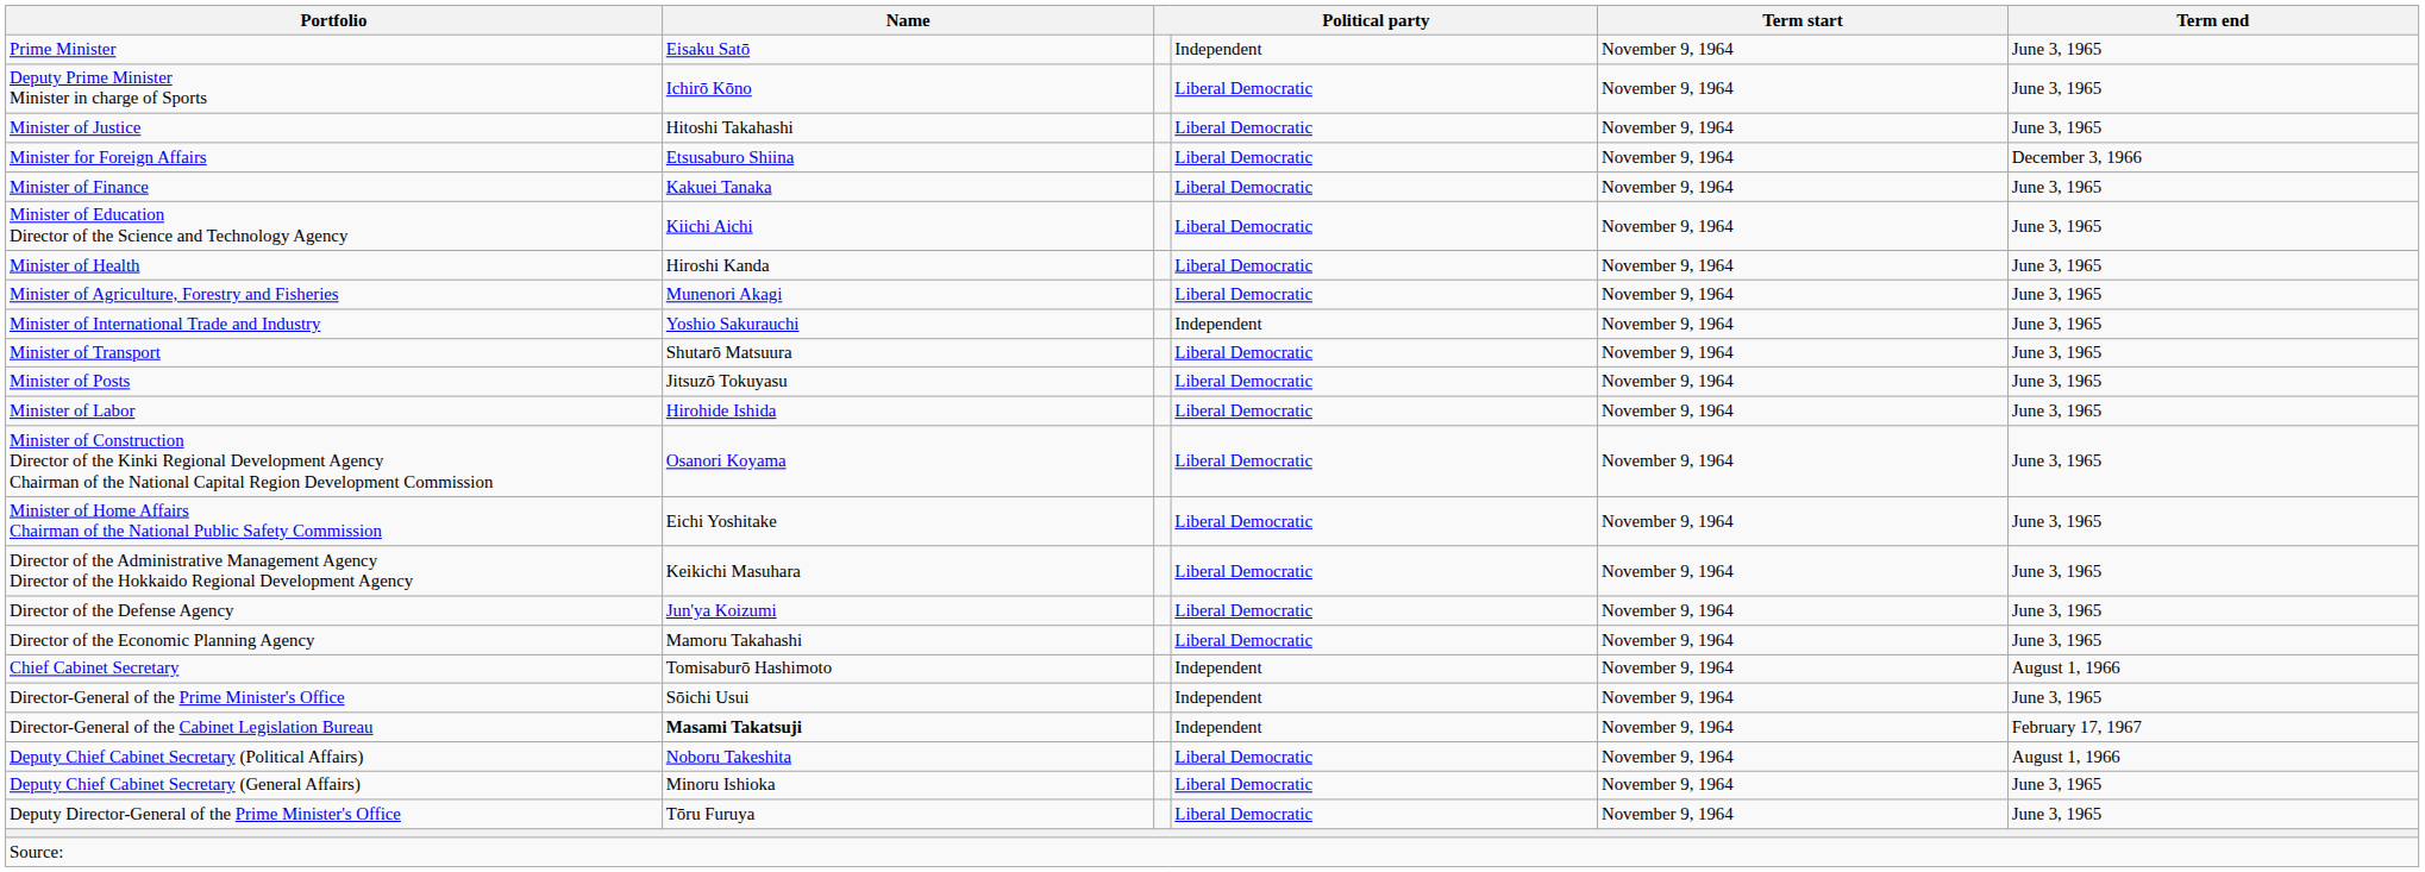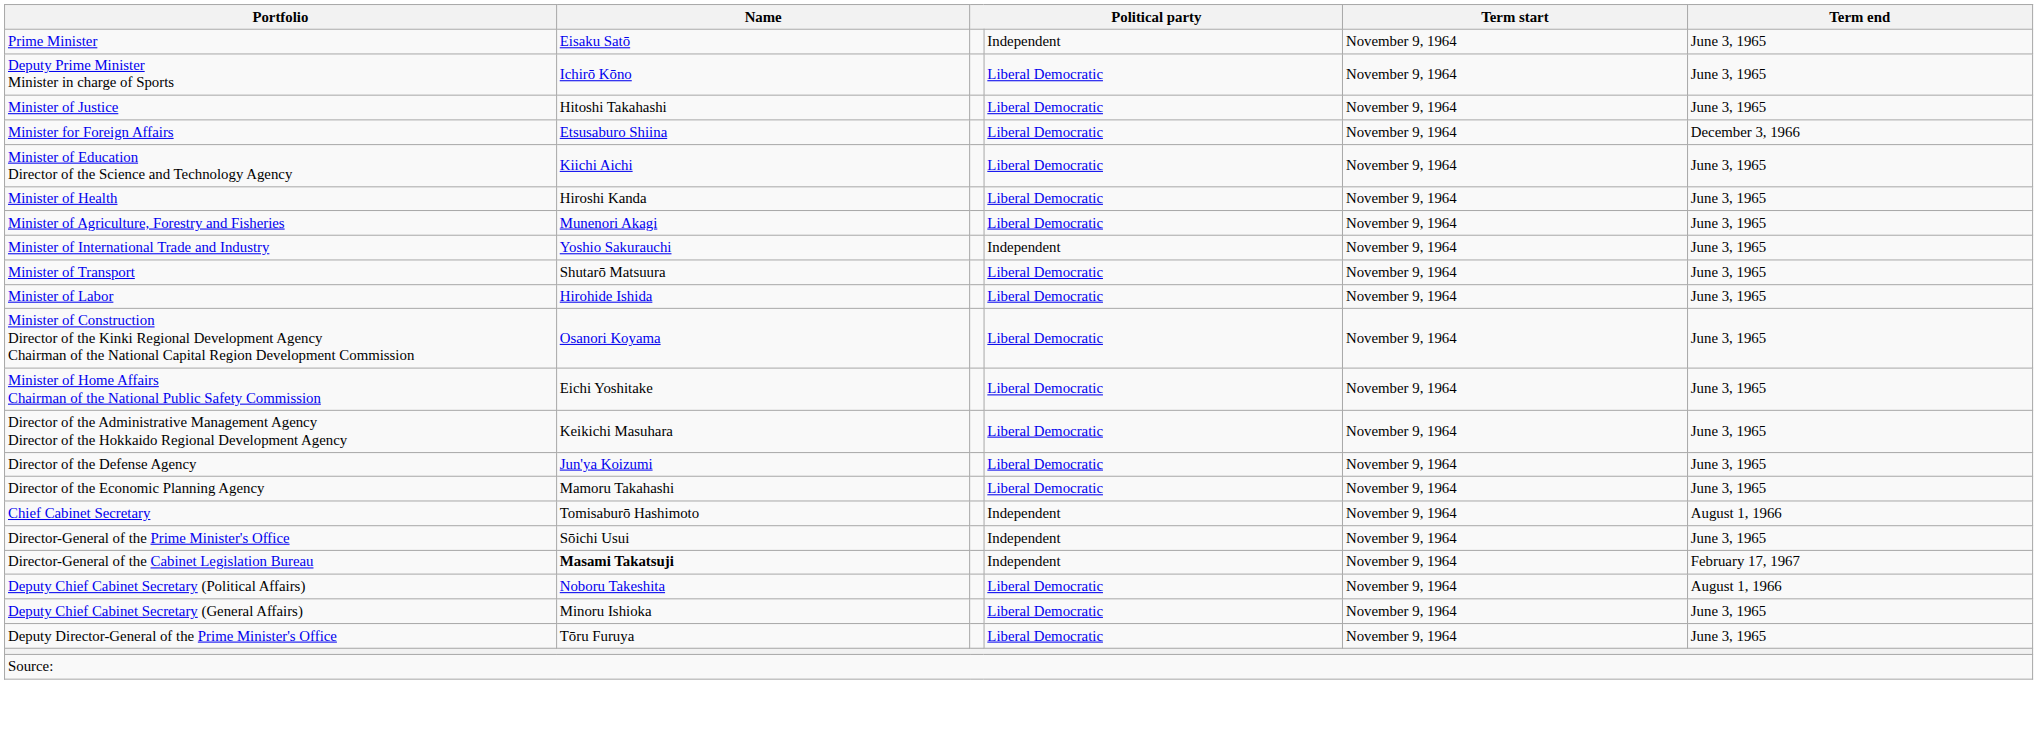 <table class="wikitable" style="font-size: 90%;">
 <tr>
 <th width="20%" scope="col">Portfolio</th>
 <th width="15%" scope="col">Name</th>
 <th colspan="2" width="13.5%" scope="col">Political party</th>
 <th width="12.5%" scope="col">Term start</th>
 <th width="12.5%" scope="col">Term end</th>
 </tr>
 <tr>
 <td style="text-align: left;"><a href='#'>Prime Minister</a></td>
 <td><a href='#'>Eisaku Satō</a></td>
 <td width="0.5%" style="background:"></td>
 <td>Independent</td>
 <td>November 9, 1964</td>
 <td>June 3, 1965</td>
 </tr>
 <tr>
 <td><a href='#'>Deputy Prime Minister</a><br>Minister in charge of Sports</td>
 <td><a href='#'>Ichirō Kōno</a></td>
 <td style="color:inherit;background:"></td>
 <td><a href='#'>Liberal Democratic</a></td>
 <td>November 9, 1964</td>
 <td>June 3, 1965</td>
 </tr>
 <tr>
 <td><a href='#'>Minister of Justice</a></td>
 <td>Hitoshi Takahashi</td>
 <td style="color:inherit;background:"></td>
 <td><a href='#'>Liberal Democratic</a></td>
 <td>November 9, 1964</td>
 <td>June 3, 1965</td>
 </tr>
 <tr>
 <td><a href='#'>Minister for Foreign Affairs</a></td>
 <td><a href='#'>Etsusaburo Shiina</a></td>
 <td style="color:inherit;background:"></td>
 <td><a href='#'>Liberal Democratic</a></td>
 <td>November 9, 1964</td>
 <td>December 3, 1966</td>
 </tr>
 <tr>
-<td><a href='#'>Minister of Finance</a></td>
-<td><a href='#'>Kakuei Tanaka</a></td>
-<td style="color:inherit;background:"></td>
-<td><a href='#'>Liberal Democratic</a></td>
-<td>November 9, 1964</td>
-<td>June 3, 1965</td>
-</tr>
-<tr>
 <td><a href='#'>Minister of Education</a><br>Director of the Science and Technology Agency</td>
 <td><a href='#'>Kiichi Aichi</a></td>
 <td style="color:inherit;background:"></td>
 <td><a href='#'>Liberal Democratic</a></td>
 <td>November 9, 1964</td>
 <td>June 3, 1965</td>
 </tr>
 <tr>
 <td><a href='#'>Minister of Health</a></td>
 <td>Hiroshi Kanda</td>
 <td style="color:inherit;background:"></td>
 <td><a href='#'>Liberal Democratic</a></td>
 <td>November 9, 1964</td>
 <td>June 3, 1965</td>
 </tr>
 <tr>
 <td><a href='#'>Minister of Agriculture, Forestry and Fisheries</a></td>
 <td><a href='#'>Munenori Akagi</a></td>
 <td style="color:inherit;background:"></td>
 <td><a href='#'>Liberal Democratic</a></td>
 <td>November 9, 1964</td>
 <td>June 3, 1965</td>
 </tr>
 <tr>
 <td><a href='#'>Minister of International Trade and Industry</a></td>
 <td><a href='#'>Yoshio Sakurauchi</a></td>
 <td style="color:inherit;background:"></td>
 <td>Independent</td>
 <td>November 9, 1964</td>
 <td>June 3, 1965</td>
 </tr>
 <tr>
 <td><a href='#'>Minister of Transport</a></td>
 <td>Shutarō Matsuura</td>
-<td style="color:inherit;background:"></td>
-<td><a href='#'>Liberal Democratic</a></td>
-<td>November 9, 1964</td>
-<td>June 3, 1965</td>
-</tr>
-<tr>
-<td><a href='#'>Minister of Posts</a></td>
-<td>Jitsuzō Tokuyasu</td>
 <td style="color:inherit;background:"></td>
 <td><a href='#'>Liberal Democratic</a></td>
 <td>November 9, 1964</td>
 <td>June 3, 1965</td>
 </tr>
 <tr>
 <td><a href='#'>Minister of Labor</a></td>
 <td><a href='#'>Hirohide Ishida</a></td>
 <td style="color:inherit;background:"></td>
 <td><a href='#'>Liberal Democratic</a></td>
 <td>November 9, 1964</td>
 <td>June 3, 1965</td>
 </tr>
 <tr>
 <td><a href='#'>Minister of Construction</a><br>Director of the Kinki Regional Development Agency<br>Chairman of the National Capital Region Development Commission</td>
 <td><a href='#'>Osanori Koyama</a></td>
 <td style="color:inherit;background:"></td>
 <td><a href='#'>Liberal Democratic</a></td>
 <td>November 9, 1964</td>
 <td>June 3, 1965</td>
 </tr>
 <tr>
 <td><a href='#'>Minister of Home Affairs</a><br><a href='#'>Chairman of the National Public Safety Commission</a></td>
 <td>Eichi Yoshitake</td>
 <td style="color:inherit;background:"></td>
 <td><a href='#'>Liberal Democratic</a></td>
 <td>November 9, 1964</td>
 <td>June 3, 1965</td>
 </tr>
 <tr>
 <td>Director of the Administrative Management Agency<br>Director of the Hokkaido Regional Development Agency</td>
 <td>Keikichi Masuhara</td>
 <td style="color:inherit;background:"></td>
 <td><a href='#'>Liberal Democratic</a></td>
 <td>November 9, 1964</td>
 <td>June 3, 1965</td>
 </tr>
 <tr>
 <td>Director of the Defense Agency</td>
 <td><a href='#'>Jun'ya Koizumi</a></td>
 <td style="color:inherit;background:"></td>
 <td><a href='#'>Liberal Democratic</a></td>
 <td>November 9, 1964</td>
 <td>June 3, 1965</td>
 </tr>
 <tr>
 <td>Director of the Economic Planning Agency</td>
 <td>Mamoru Takahashi</td>
 <td style="color:inherit;background:"></td>
 <td><a href='#'>Liberal Democratic</a></td>
 <td>November 9, 1964</td>
 <td>June 3, 1965</td>
 </tr>
 <tr>
 <td><a href='#'>Chief Cabinet Secretary</a></td>
 <td>Tomisaburō Hashimoto</td>
 <td style="color:inherit;background:"></td>
 <td>Independent</td>
 <td>November 9, 1964</td>
 <td>August 1, 1966</td>
 </tr>
 <tr>
 <td>Director-General of the <a href='#'>Prime Minister's Office</a></td>
 <td>Sōichi Usui</td>
 <td style="color:inherit;background:"></td>
 <td>Independent</td>
 <td>November 9, 1964</td>
 <td>June 3, 1965</td>
 </tr>
 <tr>
 <td>Director-General of the <a href='#'>Cabinet Legislation Bureau</a></td>
 <td><strong>Masami Takatsuji</strong></td>
 <td style="color:inherit;background:"></td>
 <td>Independent</td>
 <td>November 9, 1964</td>
 <td>February 17, 1967</td>
 </tr>
 <tr>
 <td><a href='#'>Deputy Chief Cabinet Secretary</a> (Political Affairs)</td>
 <td><a href='#'>Noboru Takeshita</a></td>
 <td style="color:inherit;background:"></td>
 <td><a href='#'>Liberal Democratic</a></td>
 <td>November 9, 1964</td>
 <td>August 1, 1966</td>
 </tr>
 <tr>
 <td><a href='#'>Deputy Chief Cabinet Secretary</a> (General Affairs)</td>
 <td>Minoru Ishioka</td>
 <td style="color:inherit;background:"></td>
 <td><a href='#'>Liberal Democratic</a></td>
 <td>November 9, 1964</td>
 <td>June 3, 1965</td>
 </tr>
 <tr>
 <td>Deputy Director-General of the <a href='#'>Prime Minister's Office</a></td>
 <td>Tōru Furuya</td>
 <td style="color:inherit;background:"></td>
 <td><a href='#'>Liberal Democratic</a></td>
 <td>November 9, 1964</td>
 <td>June 3, 1965</td>
 </tr>
 <tr>
 <th colspan="6"></th>
 </tr>
 <tr>
 <td colspan="6">Source:</td>
 </tr>
 </table>
